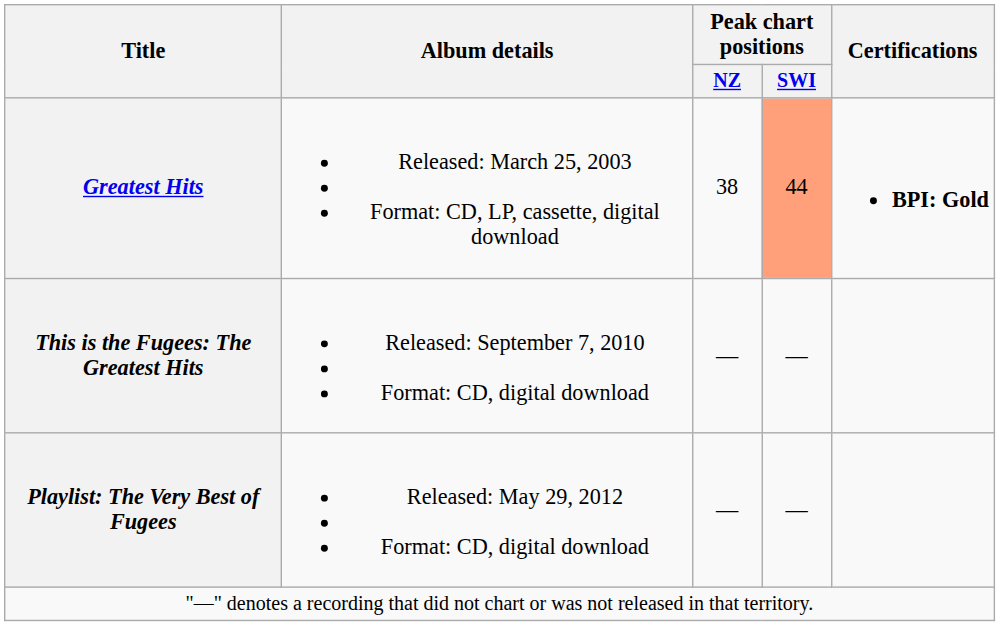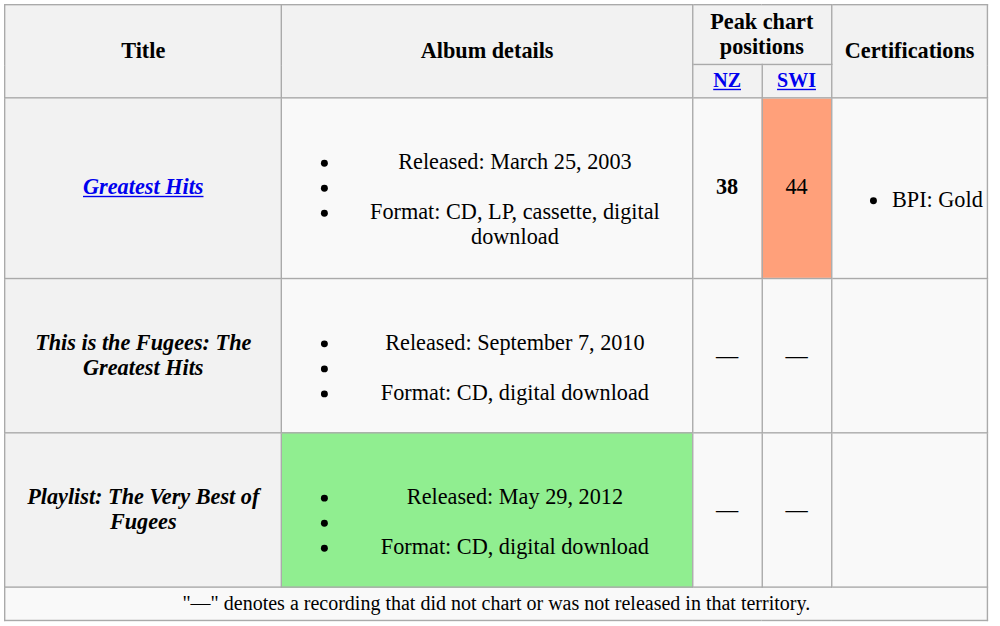 <table class="wikitable plainrowheaders" style="text-align:center;">
 <tr>
 <th scope="col" rowspan="2" style="width:12em;">Title</th>
 <th scope="col" rowspan="2" style="width:18em;">Album details</th>
 <th scope="col" colspan="2">Peak chart positions</th>
 <th scope="col" rowspan="2">Certifications</th>
 </tr>
 <tr>
 <th scope="col" style="width:3em;font-size:90%;"><a href='#'>NZ</a><br></th>
 <th scope="col" style="width:3em;font-size:90%;"><a href='#'>SWI</a><br></th>
 </tr>
 <tr>
 <th scope="row"><em><a href='#'>Greatest Hits</a></em></th>
 <td><br><ul><li>Released: March 25, 2003</li><li></li><li>Format: CD, LP, cassette, digital download</li></ul></td>
-<td>38</td>
+<td><strong>38</strong></td>
 <td style="background: lightsalmon;">44</td>
-<td><strong><br><ul><li>BPI: Gold</li></ul></strong></td>
+<td><br><ul><li>BPI: Gold</li></ul></td>
 </tr>
 <tr>
 <th scope="row"><em>This is the Fugees: The Greatest Hits</em></th>
 <td><br><ul><li>Released: September 7, 2010</li><li></li><li>Format: CD, digital download</li></ul></td>
 <td>—</td>
 <td>—</td>
 <td></td>
 </tr>
 <tr>
 <th scope="row"><em>Playlist: The Very Best of Fugees</em></th>
-<td><br><ul><li>Released: May 29, 2012</li><li></li><li>Format: CD, digital download</li></ul></td>
+<td style="background: lightgreen;"><br><ul><li>Released: May 29, 2012</li><li></li><li>Format: CD, digital download</li></ul></td>
 <td>—</td>
 <td>—</td>
 <td></td>
 </tr>
 <tr>
 <td colspan="14" style="font-size:90%">"—" denotes a recording that did not chart or was not released in that territory.</td>
 </tr>
 </table>
